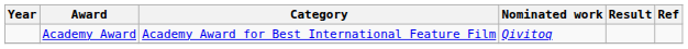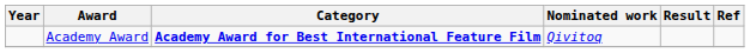 <table class="wikitable sortable">
 <tr>
 <th>Year</th>
 <th>Award</th>
 <th>Category</th>
 <th>Nominated work</th>
 <th>Result</th>
 <th>Ref</th>
 </tr>
 <tr>
 <td></td>
 <td><a href='#'>Academy Award</a></td>
-<td><a href='#'>Academy Award for Best International Feature Film</a></td>
+<td><strong><a href='#'>Academy Award for Best International Feature Film</a></strong></td>
 <td><em><a href='#'>Qivitoq</a></em></td>
 <td></td>
 <td></td>
 </tr>
 <tr>
 </tr>
 </table>
